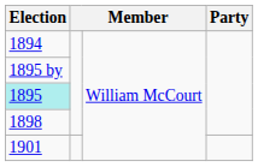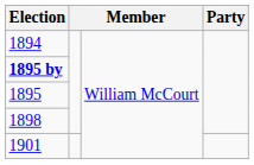 <table class="wikitable">
 <tr>
 <th>Election</th>
 <th colspan="2">Member</th>
 <th>Party</th>
 </tr>
 <tr>
 <td><a href='#'>1894</a></td>
 <td rowspan="4" > </td>
 <td rowspan="5"><a href='#'>William McCourt</a></td>
 <td rowspan="4"></td>
 </tr>
 <tr>
-<td><a href='#'>1895 by</a></td>
+<td><strong><a href='#'>1895 by</a></strong></td>
 </tr>
 <tr>
-<td style="background: paleturquoise;"><a href='#'>1895</a></td>
+<td><a href='#'>1895</a></td>
 </tr>
 <tr>
 <td><a href='#'>1898</a></td>
 </tr>
 <tr>
 <td><a href='#'>1901</a></td>
 <td> </td>
 <td></td>
 </tr>
 </table>
